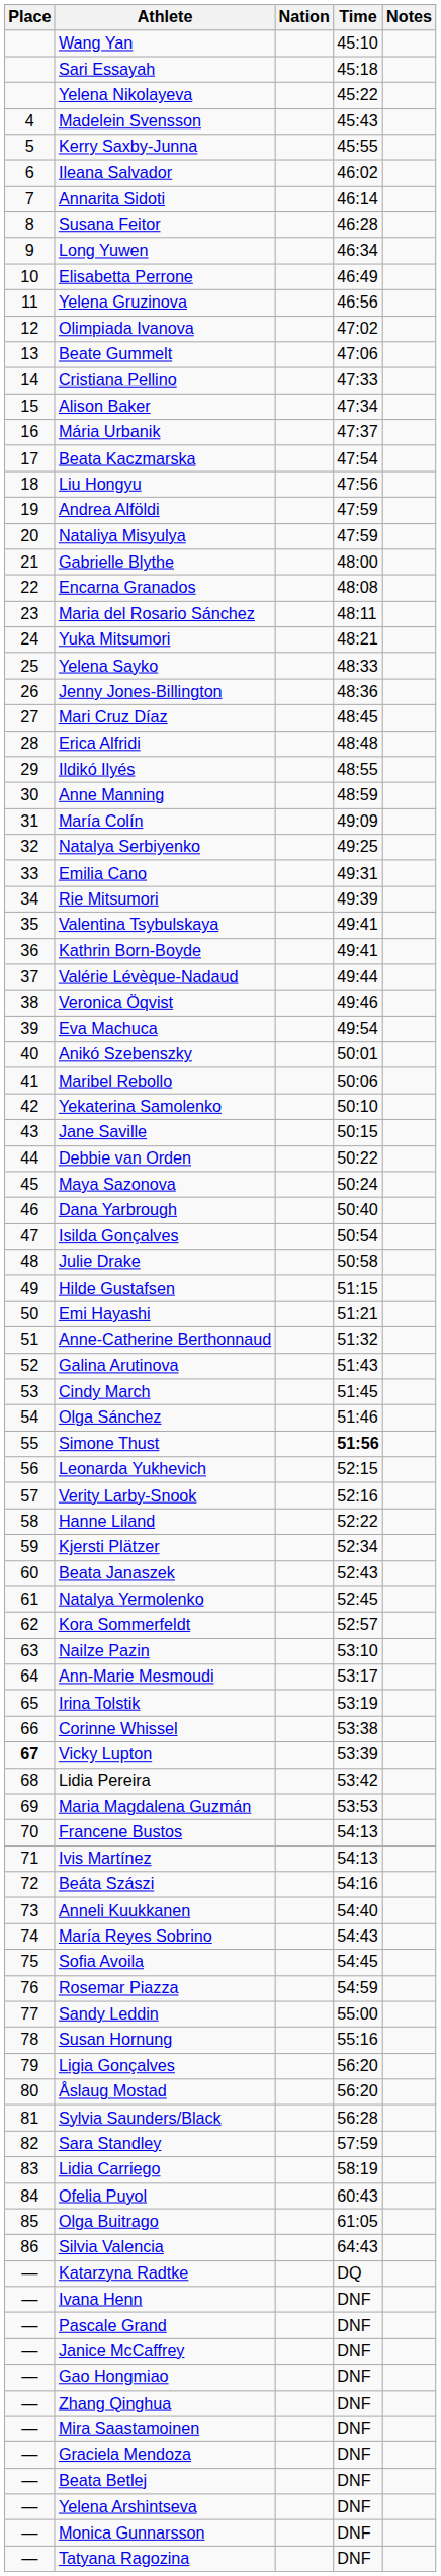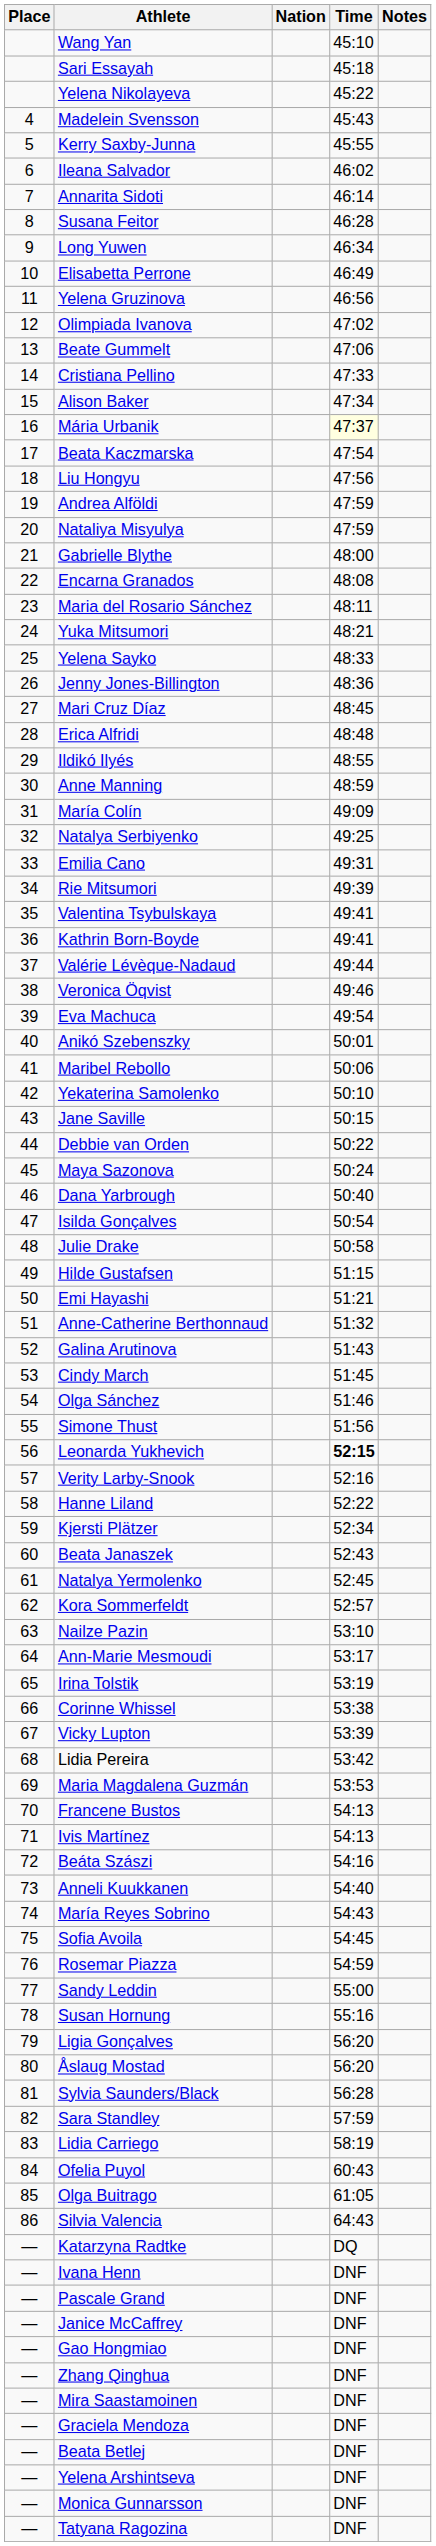 <table class="wikitable sortable">
 <tr>
 <th>Place</th>
 <th>Athlete</th>
 <th>Nation</th>
 <th>Time</th>
 <th>Notes</th>
 </tr>
 <tr>
 <td align=center></td>
 <td><a href='#'>Wang Yan</a></td>
 <td></td>
 <td>45:10</td>
 <td> </td>
 </tr>
 <tr>
 <td align=center></td>
 <td><a href='#'>Sari Essayah</a></td>
 <td></td>
 <td>45:18</td>
 <td> </td>
 </tr>
 <tr>
 <td align=center></td>
 <td><a href='#'>Yelena Nikolayeva</a></td>
 <td></td>
 <td>45:22</td>
 <td> </td>
 </tr>
 <tr>
 <td align=center>4</td>
 <td><a href='#'>Madelein Svensson</a></td>
 <td></td>
 <td>45:43</td>
 <td> </td>
 </tr>
 <tr>
 <td align=center>5</td>
 <td><a href='#'>Kerry Saxby-Junna</a></td>
 <td></td>
 <td>45:55</td>
 <td> </td>
 </tr>
 <tr>
 <td align=center>6</td>
 <td><a href='#'>Ileana Salvador</a></td>
 <td></td>
 <td>46:02</td>
 <td> </td>
 </tr>
 <tr>
 <td align=center>7</td>
 <td><a href='#'>Annarita Sidoti</a></td>
 <td></td>
 <td>46:14</td>
 <td> </td>
 </tr>
 <tr>
 <td align=center>8</td>
 <td><a href='#'>Susana Feitor</a></td>
 <td></td>
 <td>46:28</td>
 <td> </td>
 </tr>
 <tr>
 <td align=center>9</td>
 <td><a href='#'>Long Yuwen</a></td>
 <td></td>
 <td>46:34</td>
 <td> </td>
 </tr>
 <tr>
 <td align=center>10</td>
 <td><a href='#'>Elisabetta Perrone</a></td>
 <td></td>
 <td>46:49</td>
 <td> </td>
 </tr>
 <tr>
 <td align=center>11</td>
 <td><a href='#'>Yelena Gruzinova</a></td>
 <td></td>
 <td>46:56</td>
 <td> </td>
 </tr>
 <tr>
 <td align=center>12</td>
 <td><a href='#'>Olimpiada Ivanova</a></td>
 <td></td>
 <td>47:02</td>
 <td> </td>
 </tr>
 <tr>
 <td align=center>13</td>
 <td><a href='#'>Beate Gummelt</a></td>
 <td></td>
 <td>47:06</td>
 <td> </td>
 </tr>
 <tr>
 <td align=center>14</td>
 <td><a href='#'>Cristiana Pellino</a></td>
 <td></td>
 <td>47:33</td>
 <td> </td>
 </tr>
 <tr>
 <td align=center>15</td>
 <td><a href='#'>Alison Baker</a></td>
 <td></td>
 <td>47:34</td>
 <td></td>
 </tr>
 <tr>
 <td align=center>16</td>
 <td><a href='#'>Mária Urbanik</a></td>
 <td></td>
-<td>47:37</td>
+<td style="background: lightyellow;">47:37</td>
 <td> </td>
 </tr>
 <tr>
 <td align=center>17</td>
 <td><a href='#'>Beata Kaczmarska</a></td>
 <td></td>
 <td>47:54</td>
 <td> </td>
 </tr>
 <tr>
 <td align=center>18</td>
 <td><a href='#'>Liu Hongyu</a></td>
 <td></td>
 <td>47:56</td>
 <td> </td>
 </tr>
 <tr>
 <td align=center>19</td>
 <td><a href='#'>Andrea Alföldi</a></td>
 <td></td>
 <td>47:59</td>
 <td> </td>
 </tr>
 <tr>
 <td align=center>20</td>
 <td><a href='#'>Nataliya Misyulya</a></td>
 <td></td>
 <td>47:59</td>
 <td> </td>
 </tr>
 <tr>
 <td align=center>21</td>
 <td><a href='#'>Gabrielle Blythe</a></td>
 <td></td>
 <td>48:00</td>
 <td></td>
 </tr>
 <tr>
 <td align=center>22</td>
 <td><a href='#'>Encarna Granados</a></td>
 <td></td>
 <td>48:08</td>
 <td></td>
 </tr>
 <tr>
 <td align=center>23</td>
 <td><a href='#'>Maria del Rosario Sánchez</a></td>
 <td></td>
 <td>48:11</td>
 <td></td>
 </tr>
 <tr>
 <td align=center>24</td>
 <td><a href='#'>Yuka Mitsumori</a></td>
 <td></td>
 <td>48:21</td>
 <td></td>
 </tr>
 <tr>
 <td align=center>25</td>
 <td><a href='#'>Yelena Sayko</a></td>
 <td></td>
 <td>48:33</td>
 <td></td>
 </tr>
 <tr>
 <td align=center>26</td>
 <td><a href='#'>Jenny Jones-Billington</a></td>
 <td></td>
 <td>48:36</td>
 <td></td>
 </tr>
 <tr>
 <td align=center>27</td>
 <td><a href='#'>Mari Cruz Díaz</a></td>
 <td></td>
 <td>48:45</td>
 <td></td>
 </tr>
 <tr>
 <td align=center>28</td>
 <td><a href='#'>Erica Alfridi</a></td>
 <td></td>
 <td>48:48</td>
 <td></td>
 </tr>
 <tr>
 <td align=center>29</td>
 <td><a href='#'>Ildikó Ilyés</a></td>
 <td></td>
 <td>48:55</td>
 <td></td>
 </tr>
 <tr>
 <td align=center>30</td>
 <td><a href='#'>Anne Manning</a></td>
 <td></td>
 <td>48:59</td>
 <td></td>
 </tr>
 <tr>
 <td align=center>31</td>
 <td><a href='#'>María Colín</a></td>
 <td></td>
 <td>49:09</td>
 <td></td>
 </tr>
 <tr>
 <td align=center>32</td>
 <td><a href='#'>Natalya Serbiyenko</a></td>
 <td></td>
 <td>49:25</td>
 <td></td>
 </tr>
 <tr>
 <td align=center>33</td>
 <td><a href='#'>Emilia Cano</a></td>
 <td></td>
 <td>49:31</td>
 <td></td>
 </tr>
 <tr>
 <td align=center>34</td>
 <td><a href='#'>Rie Mitsumori</a></td>
 <td></td>
 <td>49:39</td>
 <td></td>
 </tr>
 <tr>
 <td align=center>35</td>
 <td><a href='#'>Valentina Tsybulskaya</a></td>
 <td></td>
 <td>49:41</td>
 <td></td>
 </tr>
 <tr>
 <td align=center>36</td>
 <td><a href='#'>Kathrin Born-Boyde</a></td>
 <td></td>
 <td>49:41</td>
 <td></td>
 </tr>
 <tr>
 <td align=center>37</td>
 <td><a href='#'>Valérie Lévèque-Nadaud</a></td>
 <td></td>
 <td>49:44</td>
 <td></td>
 </tr>
 <tr>
 <td align=center>38</td>
 <td><a href='#'>Veronica Öqvist</a></td>
 <td></td>
 <td>49:46</td>
 <td></td>
 </tr>
 <tr>
 <td align=center>39</td>
 <td><a href='#'>Eva Machuca</a></td>
 <td></td>
 <td>49:54</td>
 <td></td>
 </tr>
 <tr>
 <td align=center>40</td>
 <td><a href='#'>Anikó Szebenszky</a></td>
 <td></td>
 <td>50:01</td>
 <td></td>
 </tr>
 <tr>
 <td align=center>41</td>
 <td><a href='#'>Maribel Rebollo</a></td>
 <td></td>
 <td>50:06</td>
 <td></td>
 </tr>
 <tr>
 <td align=center>42</td>
 <td><a href='#'>Yekaterina Samolenko</a></td>
 <td></td>
 <td>50:10</td>
 <td></td>
 </tr>
 <tr>
 <td align=center>43</td>
 <td><a href='#'>Jane Saville</a></td>
 <td></td>
 <td>50:15</td>
 <td></td>
 </tr>
 <tr>
 <td align=center>44</td>
 <td><a href='#'>Debbie van Orden</a></td>
 <td></td>
 <td>50:22</td>
 <td></td>
 </tr>
 <tr>
 <td align=center>45</td>
 <td><a href='#'>Maya Sazonova</a></td>
 <td></td>
 <td>50:24</td>
 <td></td>
 </tr>
 <tr>
 <td align=center>46</td>
 <td><a href='#'>Dana Yarbrough</a></td>
 <td></td>
 <td>50:40</td>
 <td></td>
 </tr>
 <tr>
 <td align=center>47</td>
 <td><a href='#'>Isilda Gonçalves</a></td>
 <td></td>
 <td>50:54</td>
 <td></td>
 </tr>
 <tr>
 <td align=center>48</td>
 <td><a href='#'>Julie Drake</a></td>
 <td></td>
 <td>50:58</td>
 <td></td>
 </tr>
 <tr>
 <td align=center>49</td>
 <td><a href='#'>Hilde Gustafsen</a></td>
 <td></td>
 <td>51:15</td>
 <td></td>
 </tr>
 <tr>
 <td align=center>50</td>
 <td><a href='#'>Emi Hayashi</a></td>
 <td></td>
 <td>51:21</td>
 <td></td>
 </tr>
 <tr>
 <td align=center>51</td>
 <td><a href='#'>Anne-Catherine Berthonnaud</a></td>
 <td></td>
 <td>51:32</td>
 <td></td>
 </tr>
 <tr>
 <td align=center>52</td>
 <td><a href='#'>Galina Arutinova</a></td>
 <td></td>
 <td>51:43</td>
 <td></td>
 </tr>
 <tr>
 <td align=center>53</td>
 <td><a href='#'>Cindy March</a></td>
 <td></td>
 <td>51:45</td>
 <td></td>
 </tr>
 <tr>
 <td align=center>54</td>
 <td><a href='#'>Olga Sánchez</a></td>
 <td></td>
 <td>51:46</td>
 <td></td>
 </tr>
 <tr>
 <td align=center>55</td>
 <td><a href='#'>Simone Thust</a></td>
 <td></td>
-<td><strong>51:56</strong></td>
+<td>51:56</td>
 <td></td>
 </tr>
 <tr>
 <td align=center>56</td>
 <td><a href='#'>Leonarda Yukhevich</a></td>
 <td></td>
-<td>52:15</td>
+<td><strong>52:15</strong></td>
 <td></td>
 </tr>
 <tr>
 <td align=center>57</td>
 <td><a href='#'>Verity Larby-Snook</a></td>
 <td></td>
 <td>52:16</td>
 <td></td>
 </tr>
 <tr>
 <td align=center>58</td>
 <td><a href='#'>Hanne Liland</a></td>
 <td></td>
 <td>52:22</td>
 <td></td>
 </tr>
 <tr>
 <td align=center>59</td>
 <td><a href='#'>Kjersti Plätzer</a></td>
 <td></td>
 <td>52:34</td>
 <td></td>
 </tr>
 <tr>
 <td align=center>60</td>
 <td><a href='#'>Beata Janaszek</a></td>
 <td></td>
 <td>52:43</td>
 <td></td>
 </tr>
 <tr>
 <td align=center>61</td>
 <td><a href='#'>Natalya Yermolenko</a></td>
 <td></td>
 <td>52:45</td>
 <td></td>
 </tr>
 <tr>
 <td align=center>62</td>
 <td><a href='#'>Kora Sommerfeldt</a></td>
 <td></td>
 <td>52:57</td>
 <td></td>
 </tr>
 <tr>
 <td align=center>63</td>
 <td><a href='#'>Nailze Pazin</a></td>
 <td></td>
 <td>53:10</td>
 <td></td>
 </tr>
 <tr>
 <td align=center>64</td>
 <td><a href='#'>Ann-Marie Mesmoudi</a></td>
 <td></td>
 <td>53:17</td>
 <td></td>
 </tr>
 <tr>
 <td align=center>65</td>
 <td><a href='#'>Irina Tolstik</a></td>
 <td></td>
 <td>53:19</td>
 <td></td>
 </tr>
 <tr>
 <td align=center>66</td>
 <td><a href='#'>Corinne Whissel</a></td>
 <td></td>
 <td>53:38</td>
 <td></td>
 </tr>
 <tr>
-<td align=center><strong>67</strong></td>
+<td align=center>67</td>
 <td><a href='#'>Vicky Lupton</a></td>
 <td></td>
 <td>53:39</td>
 <td></td>
 </tr>
 <tr>
 <td align=center>68</td>
 <td>Lidia Pereira</td>
 <td></td>
 <td>53:42</td>
 <td></td>
 </tr>
 <tr>
 <td align=center>69</td>
 <td><a href='#'>Maria Magdalena Guzmán</a></td>
 <td></td>
 <td>53:53</td>
 <td></td>
 </tr>
 <tr>
 <td align=center>70</td>
 <td><a href='#'>Francene Bustos</a></td>
 <td></td>
 <td>54:13</td>
 <td></td>
 </tr>
 <tr>
 <td align=center>71</td>
 <td><a href='#'>Ivis Martínez</a></td>
 <td></td>
 <td>54:13</td>
 <td></td>
 </tr>
 <tr>
 <td align=center>72</td>
 <td><a href='#'>Beáta Szászi</a></td>
 <td></td>
 <td>54:16</td>
 <td></td>
 </tr>
 <tr>
 <td align=center>73</td>
 <td><a href='#'>Anneli Kuukkanen</a></td>
 <td></td>
 <td>54:40</td>
 <td></td>
 </tr>
 <tr>
 <td align=center>74</td>
 <td><a href='#'>María Reyes Sobrino</a></td>
 <td></td>
 <td>54:43</td>
 <td></td>
 </tr>
 <tr>
 <td align=center>75</td>
 <td><a href='#'>Sofia Avoila</a></td>
 <td></td>
 <td>54:45</td>
 <td></td>
 </tr>
 <tr>
 <td align=center>76</td>
 <td><a href='#'>Rosemar Piazza</a></td>
 <td></td>
 <td>54:59</td>
 <td></td>
 </tr>
 <tr>
 <td align=center>77</td>
 <td><a href='#'>Sandy Leddin</a></td>
 <td></td>
 <td>55:00</td>
 <td></td>
 </tr>
 <tr>
 <td align=center>78</td>
 <td><a href='#'>Susan Hornung</a></td>
 <td></td>
 <td>55:16</td>
 <td></td>
 </tr>
 <tr>
 <td align=center>79</td>
 <td><a href='#'>Ligia Gonçalves</a></td>
 <td></td>
 <td>56:20</td>
 <td></td>
 </tr>
 <tr>
 <td align=center>80</td>
 <td><a href='#'>Åslaug Mostad</a></td>
 <td></td>
 <td>56:20</td>
 <td></td>
 </tr>
 <tr>
 <td align=center>81</td>
 <td><a href='#'>Sylvia Saunders/Black</a></td>
 <td></td>
 <td>56:28</td>
 <td></td>
 </tr>
 <tr>
 <td align=center>82</td>
 <td><a href='#'>Sara Standley</a></td>
 <td></td>
 <td>57:59</td>
 <td></td>
 </tr>
 <tr>
 <td align=center>83</td>
 <td><a href='#'>Lidia Carriego</a></td>
 <td></td>
 <td>58:19</td>
 <td></td>
 </tr>
 <tr>
 <td align=center>84</td>
 <td><a href='#'>Ofelia Puyol</a></td>
 <td></td>
 <td>60:43</td>
 <td></td>
 </tr>
 <tr>
 <td align=center>85</td>
 <td><a href='#'>Olga Buitrago</a></td>
 <td></td>
 <td>61:05</td>
 <td></td>
 </tr>
 <tr>
 <td align=center>86</td>
 <td><a href='#'>Silvia Valencia</a></td>
 <td></td>
 <td>64:43</td>
 <td></td>
 </tr>
 <tr>
 <td align=center>—</td>
 <td><a href='#'>Katarzyna Radtke</a></td>
 <td></td>
 <td>DQ</td>
 <td></td>
 </tr>
 <tr>
 <td align=center>—</td>
 <td><a href='#'>Ivana Henn</a></td>
 <td></td>
 <td>DNF</td>
 <td></td>
 </tr>
 <tr>
 <td align=center>—</td>
 <td><a href='#'>Pascale Grand</a></td>
 <td></td>
 <td>DNF</td>
 <td></td>
 </tr>
 <tr>
 <td align=center>—</td>
 <td><a href='#'>Janice McCaffrey</a></td>
 <td></td>
 <td>DNF</td>
 <td></td>
 </tr>
 <tr>
 <td align=center>—</td>
 <td><a href='#'>Gao Hongmiao</a></td>
 <td></td>
 <td>DNF</td>
 <td></td>
 </tr>
 <tr>
 <td align=center>—</td>
 <td><a href='#'>Zhang Qinghua</a></td>
 <td></td>
 <td>DNF</td>
 <td></td>
 </tr>
 <tr>
 <td align=center>—</td>
 <td><a href='#'>Mira Saastamoinen</a></td>
 <td></td>
 <td>DNF</td>
 <td></td>
 </tr>
 <tr>
 <td align=center>—</td>
 <td><a href='#'>Graciela Mendoza</a></td>
 <td></td>
 <td>DNF</td>
 <td></td>
 </tr>
 <tr>
 <td align=center>—</td>
 <td><a href='#'>Beata Betlej</a></td>
 <td></td>
 <td>DNF</td>
 <td></td>
 </tr>
 <tr>
 <td align=center>—</td>
 <td><a href='#'>Yelena Arshintseva</a></td>
 <td></td>
 <td>DNF</td>
 <td></td>
 </tr>
 <tr>
 <td align=center>—</td>
 <td><a href='#'>Monica Gunnarsson</a></td>
 <td></td>
 <td>DNF</td>
 <td></td>
 </tr>
 <tr>
 <td align=center>—</td>
 <td><a href='#'>Tatyana Ragozina</a></td>
 <td></td>
 <td>DNF</td>
 <td></td>
 </tr>
 </table>
